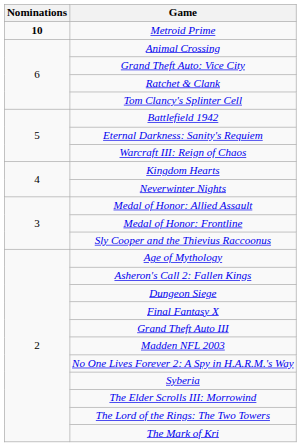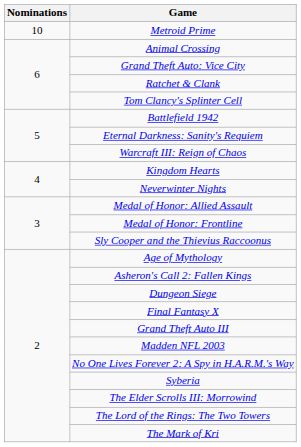 <table class="wikitable floatleft" rowspan="2" style="text-align:center;" background: #f6e39c;>
 <tr>
 <th scope="col">Nominations</th>
 <th scope="col">Game</th>
 </tr>
 <tr>
-<td><strong>10</strong></td>
+<td>10</td>
 <td><em><a href='#'>Metroid Prime</a></em></td>
 </tr>
 <tr>
 <td rowspan=4>6</td>
 <td><em><a href='#'>Animal Crossing</a></em></td>
 </tr>
 <tr>
 <td><em><a href='#'>Grand Theft Auto: Vice City</a></em></td>
 </tr>
 <tr>
 <td><em><a href='#'>Ratchet & Clank</a></em></td>
 </tr>
 <tr>
 <td><em><a href='#'>Tom Clancy's Splinter Cell</a></em></td>
 </tr>
 <tr>
 <td rowspan=3>5</td>
 <td><em><a href='#'>Battlefield 1942</a></em></td>
 </tr>
 <tr>
 <td><em><a href='#'>Eternal Darkness: Sanity's Requiem</a></em></td>
 </tr>
 <tr>
 <td><em><a href='#'>Warcraft III: Reign of Chaos</a></em></td>
 </tr>
 <tr>
 <td rowspan=2>4</td>
 <td><em><a href='#'>Kingdom Hearts</a></em></td>
 </tr>
 <tr>
 <td><em><a href='#'>Neverwinter Nights</a></em></td>
 </tr>
 <tr>
 <td rowspan=3>3</td>
 <td><em><a href='#'>Medal of Honor: Allied Assault</a></em></td>
 </tr>
 <tr>
 <td><em><a href='#'>Medal of Honor: Frontline</a></em></td>
 </tr>
 <tr>
 <td><em><a href='#'>Sly Cooper and the Thievius Raccoonus</a></em></td>
 </tr>
 <tr>
 <td rowspan=11>2</td>
 <td><em><a href='#'>Age of Mythology</a></em></td>
 </tr>
 <tr>
 <td><em><a href='#'>Asheron's Call 2: Fallen Kings</a></em></td>
 </tr>
 <tr>
 <td><em><a href='#'>Dungeon Siege</a></em></td>
 </tr>
 <tr>
 <td><em><a href='#'>Final Fantasy X</a></em></td>
 </tr>
 <tr>
 <td><em><a href='#'>Grand Theft Auto III</a></em></td>
 </tr>
 <tr>
 <td><em><a href='#'>Madden NFL 2003</a></em></td>
 </tr>
 <tr>
 <td><em><a href='#'>No One Lives Forever 2: A Spy in H.A.R.M.'s Way</a></em></td>
 </tr>
 <tr>
 <td><em><a href='#'>Syberia</a></em></td>
 </tr>
 <tr>
 <td><em><a href='#'>The Elder Scrolls III: Morrowind</a></em></td>
 </tr>
 <tr>
 <td><em><a href='#'>The Lord of the Rings: The Two Towers</a></em></td>
 </tr>
 <tr>
 <td><em><a href='#'>The Mark of Kri</a></em></td>
 </tr>
 </table>
